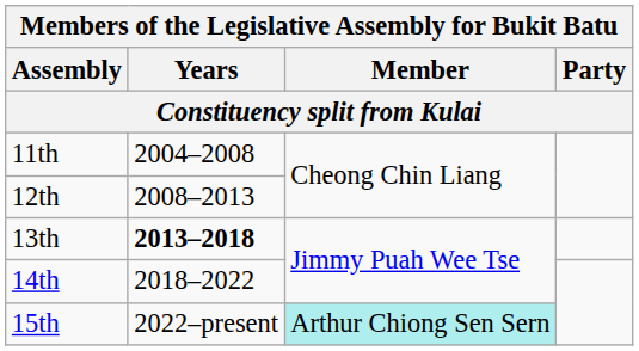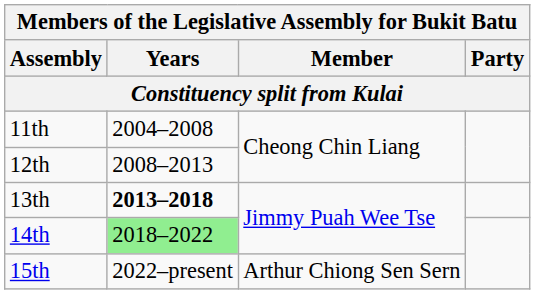 <table class="wikitable">
 <tr>
 <th colspan="4">Members of the Legislative Assembly for Bukit Batu</th>
 </tr>
 <tr>
 <th>Assembly</th>
 <th>Years</th>
 <th>Member</th>
 <th>Party</th>
 </tr>
 <tr>
 <th colspan="4"><em>Constituency split from Kulai</em></th>
 </tr>
 <tr>
 <td>11th</td>
 <td>2004–2008</td>
 <td rowspan="2">Cheong Chin Liang</td>
 <td rowspan="2"></td>
 </tr>
 <tr>
 <td>12th</td>
 <td>2008–2013</td>
 </tr>
 <tr>
 <td>13th</td>
 <td><strong>2013–2018</strong></td>
 <td rowspan="2"><a href='#'>Jimmy Puah Wee Tse</a></td>
 <td></td>
 </tr>
 <tr>
 <td><a href='#'>14th</a></td>
-<td>2018–2022</td>
+<td style="background: lightgreen;">2018–2022</td>
 <td rowspan="2"></td>
 </tr>
 <tr>
 <td><a href='#'>15th</a></td>
 <td>2022–present</td>
-<td style="background: paleturquoise;">Arthur Chiong Sen Sern</td>
+<td>Arthur Chiong Sen Sern</td>
 </tr>
 </table>
